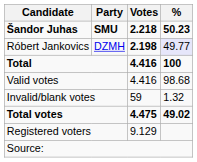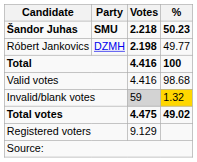 <table class="wikitable" style="text-align: left;">
 <tr>
 <th>Candidate</th>
 <th>Party</th>
 <th>Votes</th>
 <th>%</th>
 </tr>
 <tr>
 <td><strong>Šandor Juhas</strong></td>
 <td><strong>SMU</strong></td>
 <td><strong>2.218</strong></td>
 <td><strong>50.23</strong></td>
 </tr>
 <tr>
 <td>Róbert Jankovics</td>
 <td><a href='#'>DZMH</a></td>
 <td><strong>2.198</strong></td>
-<td style="background: lavender;">49.77</td>
+<td>49.77</td>
 </tr>
 <tr>
 <td colspan="2"><strong>Total</strong></td>
 <td><strong>4.416</strong></td>
 <td><strong>100</strong></td>
 </tr>
 <tr>
 <td colspan="2">Valid votes</td>
 <td>4.416</td>
 <td>98.68</td>
 </tr>
 <tr>
 <td colspan="2">Invalid/blank votes</td>
-<td>59</td>
-<td>1.32</td>
+<td style="background: lightgrey;">59</td>
+<td style="background: gold;">1.32</td>
 </tr>
 <tr>
 <td colspan="2"><strong>Total votes</strong></td>
 <td><strong>4.475</strong></td>
 <td><strong>49.02</strong></td>
 </tr>
 <tr>
 <td colspan="2">Registered voters</td>
 <td>9.129</td>
 <td></td>
 </tr>
 <tr>
 <td colspan="4">Source: </td>
 </tr>
 </table>
